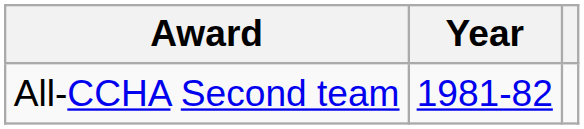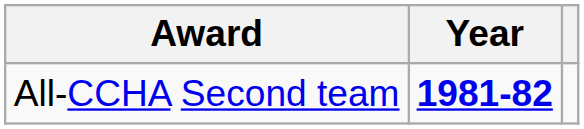 <table class="wikitable">
 <tr>
 <th>Award</th>
 <th>Year</th>
 <th></th>
 </tr>
 <tr>
 <td>All-<a href='#'>CCHA</a> <a href='#'>Second team</a></td>
-<td><a href='#'>1981-82</a></td>
+<td><strong><a href='#'>1981-82</a></strong></td>
 <td></td>
 </tr>
 </table>
